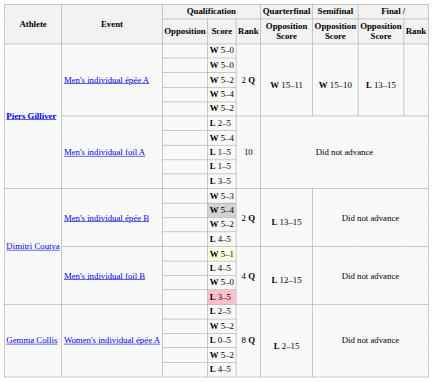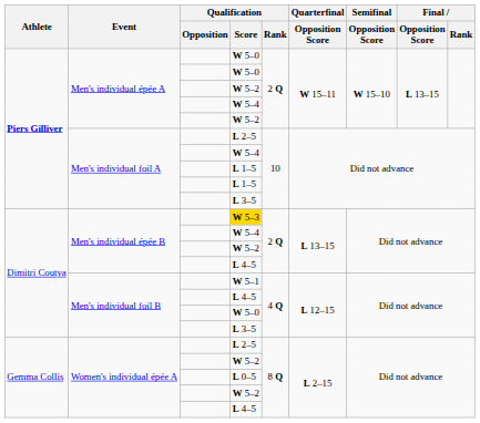 <table class=wikitable style="font-size:90%">
 <tr>
 <th rowspan="2">Athlete</th>
 <th rowspan="2">Event</th>
 <th colspan="3">Qualification</th>
 <th>Quarterfinal</th>
 <th>Semifinal</th>
 <th colspan="2">Final / </th>
 </tr>
 <tr>
 <th>Opposition</th>
 <th>Score</th>
 <th>Rank</th>
 <th>Opposition<br>Score</th>
 <th>Opposition<br>Score</th>
 <th>Opposition<br>Score</th>
 <th>Rank</th>
 </tr>
 <tr align=center>
 <td style="text-align:left;" rowspan="10"><strong><a href='#'>Piers Gilliver</a></strong></td>
 <td style="text-align:left;" rowspan="5"><a href='#'>Men's individual épée A</a></td>
 <td align=left></td>
 <td align=left><strong>W</strong> 5–0</td>
 <td rowspan=5>2 <strong>Q</strong></td>
 <td rowspan=5><br><strong>W</strong> 15–11</td>
 <td rowspan=5><br><strong>W</strong> 15–10</td>
 <td rowspan=5><br><strong>L</strong> 13–15</td>
 <td rowspan=5></td>
 </tr>
 <tr>
 <td></td>
 <td><strong>W</strong> 5–0</td>
 </tr>
 <tr>
 <td></td>
 <td><strong>W</strong> 5–2</td>
 </tr>
 <tr>
 <td></td>
 <td><strong>W</strong> 5–4</td>
 </tr>
 <tr>
 <td></td>
 <td><strong>W</strong> 5–2</td>
 </tr>
 <tr align=center>
 <td style="text-align:left;" rowspan="5"><a href='#'>Men's individual foil A</a></td>
 <td align=left></td>
 <td align=left><strong>L</strong> 2–5</td>
 <td rowspan=5>10</td>
 <td rowspan=5 colspan=4>Did not advance</td>
 </tr>
 <tr>
 <td></td>
 <td><strong>W</strong> 5–4</td>
 </tr>
 <tr>
 <td></td>
 <td><strong>L</strong> 1–5</td>
 </tr>
 <tr>
 <td></td>
 <td><strong>L</strong> 1–5</td>
 </tr>
 <tr>
 <td></td>
 <td><strong>L</strong> 3–5</td>
 </tr>
 <tr align=center>
 <td style="text-align:left;" rowspan="8"><a href='#'>Dimitri Coutya</a></td>
 <td style="text-align:left;" rowspan="4"><a href='#'>Men's individual épée B</a></td>
 <td align=left></td>
-<td align=left><strong>W</strong> 5–3</td>
+<td align=left style="background: gold;"><strong>W</strong> 5–3</td>
 <td rowspan=4>2 <strong>Q</strong></td>
 <td rowspan=4><br><strong>L</strong> 13–15</td>
 <td rowspan=4 colspan=3>Did not advance</td>
 </tr>
 <tr>
 <td></td>
-<td style="background: lightgrey;"><strong>W</strong> 5–4</td>
+<td><strong>W</strong> 5–4</td>
 </tr>
 <tr>
 <td></td>
 <td><strong>W</strong> 5–2</td>
 </tr>
 <tr>
 <td></td>
 <td><strong>L</strong> 4–5</td>
 </tr>
 <tr align=center>
 <td style="text-align:left;" rowspan="4"><a href='#'>Men's individual foil B</a></td>
 <td align=left></td>
-<td align=left style="background: lightyellow;"><strong>W</strong> 5–1</td>
+<td align=left><strong>W</strong> 5–1</td>
 <td rowspan=4>4 <strong>Q</strong></td>
 <td rowspan=4><br><strong>L</strong> 12–15</td>
 <td rowspan=4 colspan=3>Did not advance</td>
 </tr>
 <tr>
 <td></td>
 <td><strong>L</strong> 4–5</td>
 </tr>
 <tr>
 <td></td>
 <td><strong>W</strong> 5–0</td>
 </tr>
 <tr>
 <td></td>
-<td style="background: pink;"><strong>L</strong> 3–5</td>
+<td><strong>L</strong> 3–5</td>
 </tr>
 <tr align=center>
 <td style="text-align:left;" rowspan="5"><a href='#'>Gemma Collis</a></td>
 <td style="text-align:left;" rowspan="5"><a href='#'>Women's individual épée A</a></td>
 <td align=left></td>
 <td align=left><strong>L</strong> 2–5</td>
 <td rowspan=5>8 <strong>Q</strong></td>
 <td rowspan=5><br><strong>L</strong> 2–15</td>
 <td rowspan=5 colspan=3>Did not advance</td>
 </tr>
 <tr>
 <td></td>
 <td><strong>W</strong> 5–2</td>
 </tr>
 <tr>
 <td></td>
 <td><strong>L</strong> 0–5</td>
 </tr>
 <tr>
 <td></td>
 <td><strong>W</strong> 5–2</td>
 </tr>
 <tr>
 <td></td>
 <td><strong>L</strong> 4–5</td>
 </tr>
 </table>
